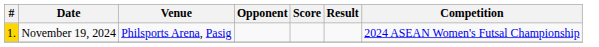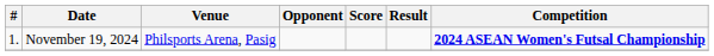 <table class="wikitable">
 <tr>
 <th>#</th>
 <th>Date</th>
 <th>Venue</th>
 <th>Opponent</th>
 <th>Score</th>
 <th>Result</th>
 <th>Competition</th>
 </tr>
 <tr>
-<td style="background: gold;">1.</td>
+<td>1.</td>
 <td>November 19, 2024</td>
 <td><a href='#'>Philsports Arena</a>, <a href='#'>Pasig</a></td>
 <td></td>
 <td></td>
 <td></td>
-<td><a href='#'>2024 ASEAN Women's Futsal Championship</a></td>
+<td><strong><a href='#'>2024 ASEAN Women's Futsal Championship</a></strong></td>
 </tr>
 <tr>
 </tr>
 </table>
